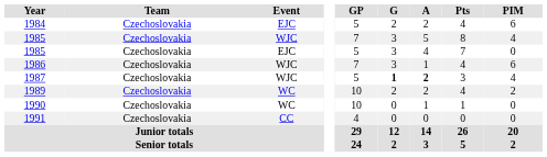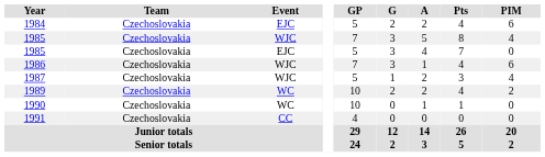 <table border="0" cellpadding="1" cellspacing="0" style="text-align:center; width:50em">
 <tr align="center" bgcolor="#e0e0e0">
 <th>Year</th>
 <th>Team</th>
 <th>Event</th>
 <th rowspan="99" bgcolor="#ffffff"> </th>
 <th>GP</th>
 <th>G</th>
 <th>A</th>
 <th>Pts</th>
 <th>PIM</th>
 </tr>
 <tr>
 <td><a href='#'>1984</a></td>
 <td><a href='#'>Czechoslovakia</a></td>
 <td><a href='#'>EJC</a></td>
 <td>5</td>
 <td>2</td>
 <td>2</td>
 <td>4</td>
 <td>6</td>
 </tr>
 <tr bgcolor="#f0f0f0">
 <td><a href='#'>1985</a></td>
 <td><a href='#'>Czechoslovakia</a></td>
 <td><a href='#'>WJC</a></td>
 <td>7</td>
 <td>3</td>
 <td>5</td>
 <td>8</td>
 <td>4</td>
 </tr>
 <tr>
 <td><a href='#'>1985</a></td>
 <td>Czechoslovakia</td>
 <td>EJC</td>
 <td>5</td>
 <td>3</td>
 <td>4</td>
 <td>7</td>
 <td>0</td>
 </tr>
 <tr bgcolor="#f0f0f0">
 <td><a href='#'>1986</a></td>
 <td>Czechoslovakia</td>
 <td>WJC</td>
 <td>7</td>
 <td>3</td>
 <td>1</td>
 <td>4</td>
 <td>6</td>
 </tr>
 <tr>
 <td><a href='#'>1987</a></td>
 <td>Czechoslovakia</td>
 <td>WJC</td>
 <td>5</td>
-<td><strong>1</strong></td>
-<td><strong>2</strong></td>
+<td>1</td>
+<td>2</td>
 <td>3</td>
 <td>4</td>
 </tr>
 <tr bgcolor="#f0f0f0">
 <td><a href='#'>1989</a></td>
 <td><a href='#'>Czechoslovakia</a></td>
 <td><a href='#'>WC</a></td>
 <td>10</td>
 <td>2</td>
 <td>2</td>
 <td>4</td>
 <td>2</td>
 </tr>
 <tr>
 <td><a href='#'>1990</a></td>
 <td>Czechoslovakia</td>
 <td>WC</td>
 <td>10</td>
 <td>0</td>
 <td>1</td>
 <td>1</td>
 <td>0</td>
 </tr>
 <tr bgcolor="#f0f0f0">
 <td><a href='#'>1991</a></td>
 <td>Czechoslovakia</td>
 <td><a href='#'>CC</a></td>
 <td>4</td>
 <td>0</td>
 <td>0</td>
 <td>0</td>
 <td>0</td>
 </tr>
 <tr bgcolor="#e0e0e0">
 <th colspan=3>Junior totals</th>
 <th>29</th>
 <th>12</th>
 <th>14</th>
 <th>26</th>
 <th>20</th>
 </tr>
 <tr bgcolor="#e0e0e0">
 <th colspan=3>Senior totals</th>
 <th>24</th>
 <th>2</th>
 <th>3</th>
 <th>5</th>
 <th>2</th>
 </tr>
 </table>
